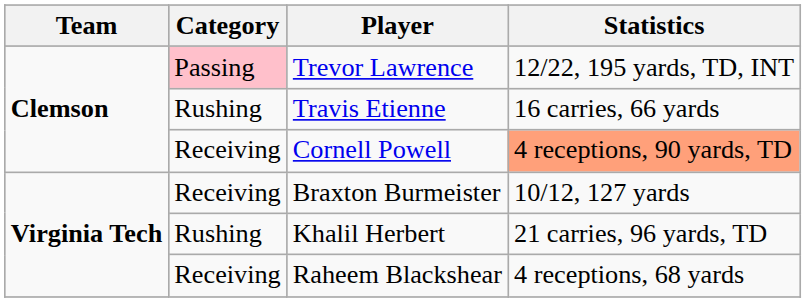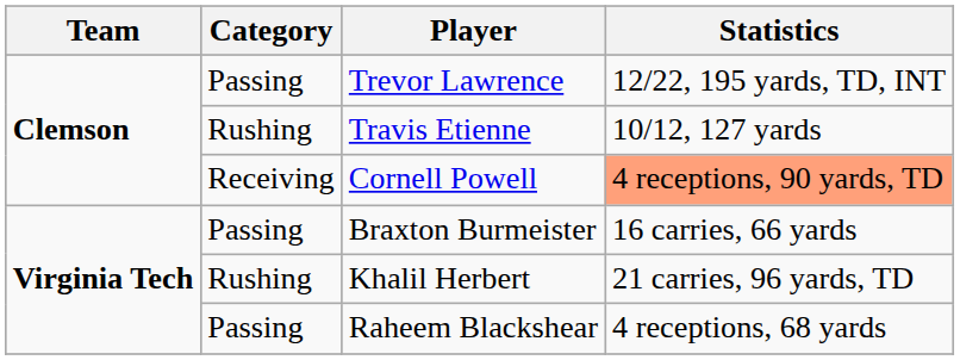 <table class="wikitable" style="float: left;">
 <tr>
 <th>Team</th>
 <th>Category</th>
 <th>Player</th>
 <th>Statistics</th>
 </tr>
 <tr>
 <td rowspan=3><strong>Clemson</strong></td>
-<td style="background: pink;">Passing</td>
+<td>Passing</td>
 <td><a href='#'>Trevor Lawrence</a></td>
 <td>12/22, 195 yards, TD, INT</td>
 </tr>
 <tr>
 <td>Rushing</td>
 <td><a href='#'>Travis Etienne</a></td>
-<td>16 carries, 66 yards</td>
+<td>10/12, 127 yards</td>
 </tr>
 <tr>
 <td>Receiving</td>
 <td><a href='#'>Cornell Powell</a></td>
 <td style="background: lightsalmon;">4 receptions, 90 yards, TD</td>
 </tr>
 <tr>
 <td rowspan=3><strong>Virginia Tech</strong></td>
-<td>Receiving</td>
+<td>Passing</td>
 <td>Braxton Burmeister</td>
-<td>10/12, 127 yards</td>
+<td>16 carries, 66 yards</td>
 </tr>
 <tr>
 <td>Rushing</td>
 <td>Khalil Herbert</td>
 <td>21 carries, 96 yards, TD</td>
 </tr>
 <tr>
-<td>Receiving</td>
+<td>Passing</td>
 <td>Raheem Blackshear</td>
 <td>4 receptions, 68 yards</td>
 </tr>
 </table>
